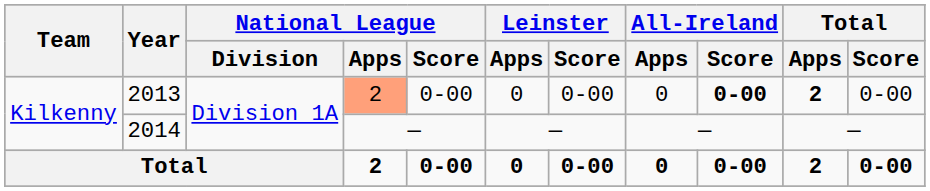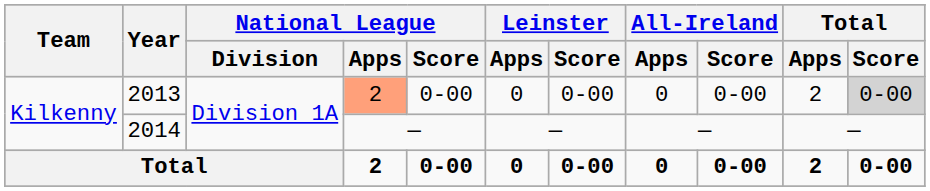 <table class="wikitable" style="text-align:center">
 <tr>
 <th rowspan="2">Team</th>
 <th rowspan="2">Year</th>
 <th colspan="3"><a href='#'>National League</a></th>
 <th colspan="2"><a href='#'>Leinster</a></th>
 <th colspan="2"><a href='#'>All-Ireland</a></th>
 <th colspan="2">Total</th>
 </tr>
 <tr>
 <th>Division</th>
 <th>Apps</th>
 <th>Score</th>
 <th>Apps</th>
 <th>Score</th>
 <th>Apps</th>
 <th>Score</th>
 <th>Apps</th>
 <th>Score</th>
 </tr>
 <tr>
 <td rowspan="2"><a href='#'>Kilkenny</a></td>
 <td>2013</td>
 <td rowspan="2"><a href='#'>Division 1A</a></td>
 <td style="background: lightsalmon;">2</td>
 <td>0-00</td>
 <td>0</td>
 <td>0-00</td>
 <td>0</td>
-<td><strong>0-00</strong></td>
-<td><strong>2</strong></td>
 <td>0-00</td>
+<td>2</td>
+<td style="background: lightgrey;">0-00</td>
 </tr>
 <tr>
 <td>2014</td>
 <td colspan=2>—</td>
 <td colspan=2>—</td>
 <td colspan=2>—</td>
 <td colspan=2>—</td>
 </tr>
 <tr>
 <th colspan="3">Total</th>
 <td><strong>2</strong></td>
 <td><strong>0-00</strong></td>
 <td><strong>0</strong></td>
 <td><strong>0-00</strong></td>
 <td><strong>0</strong></td>
 <td><strong>0-00</strong></td>
 <td><strong>2</strong></td>
 <td><strong>0-00</strong></td>
 </tr>
 </table>
